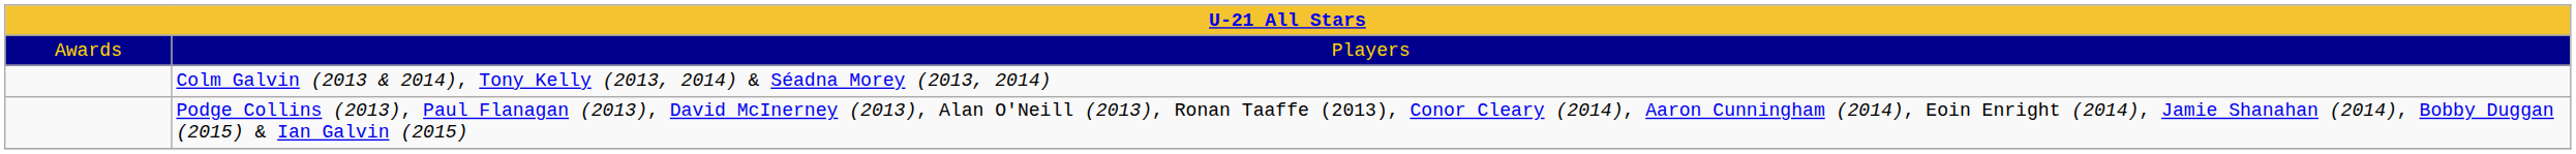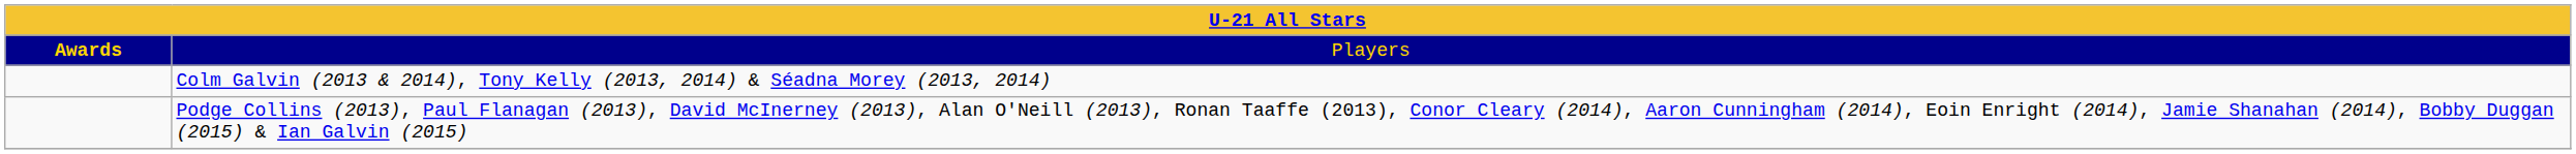 <table class="wikitable" width="90%">
 <tr style="text-align:center;background:#F4C430;color:blue;">
 <td colspan="2"><a href='#'><span><strong>U-21 All Stars</strong></span></a></td>
 </tr>
 <tr style="text-align:center;background:#00008C; color:gold;">
-<td width="110px">Awards</td>
+<td width="110px"><strong>Awards</strong></td>
 <td>Players</td>
 </tr>
 <tr>
 <td></td>
 <td><a href='#'>Colm Galvin</a> <em>(2013 & 2014)</em>, <a href='#'>Tony Kelly</a> <em>(2013, 2014)</em> & <a href='#'>Séadna Morey</a> <em>(2013, 2014)</em></td>
 </tr>
 <tr>
 <td></td>
 <td><a href='#'>Podge Collins</a> <em>(2013)</em>, <a href='#'>Paul Flanagan</a> <em>(2013)</em>, <a href='#'>David McInerney</a> <em>(2013)</em>, Alan O'Neill <em>(2013)</em>, Ronan Taaffe (2013), <a href='#'>Conor Cleary</a> <em>(2014)</em>, <a href='#'>Aaron Cunningham</a> <em>(2014)</em>, Eoin Enright <em>(2014)</em>, <a href='#'>Jamie Shanahan</a> <em>(2014)</em>, <a href='#'>Bobby Duggan</a> <em>(2015)</em> & <a href='#'>Ian Galvin</a> <em>(2015)</em></td>
 </tr>
 <tr>
 </tr>
 </table>
